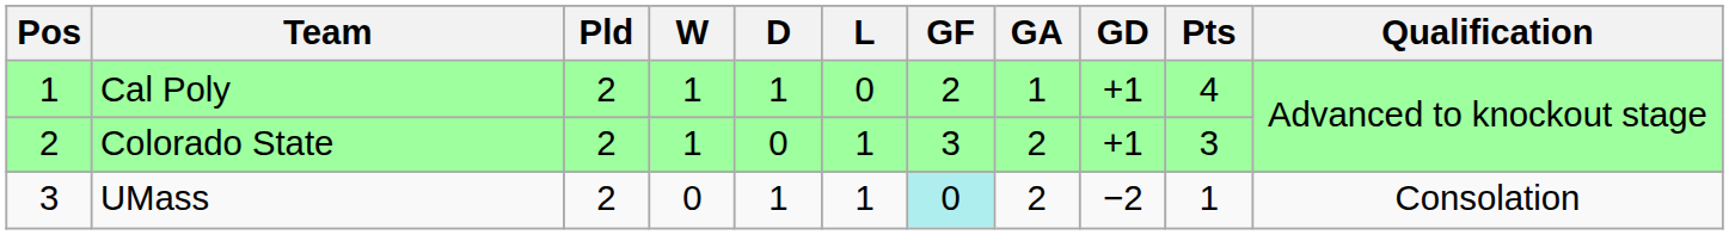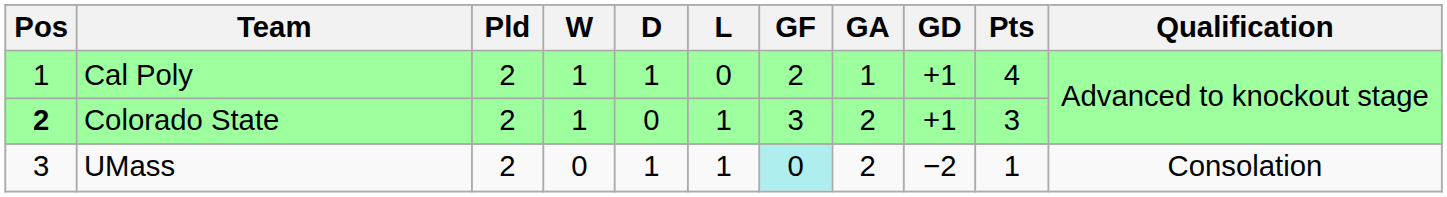 <table class="wikitable" style="text-align:center; margin: 1em auto">
 <tr>
 <th style="width:2em">Pos</th>
 <th style="width:13em">Team</th>
 <th style="width:2em">Pld</th>
 <th style="width:2em">W</th>
 <th style="width:2em">D</th>
 <th style="width:2em">L</th>
 <th style="width:2em">GF</th>
 <th style="width:2em">GA</th>
 <th style="width:2em">GD</th>
 <th style="width:2em">Pts</th>
 <th style="width:13em">Qualification</th>
 </tr>
 <tr bgcolor="#9eff9e">
 <td>1</td>
 <td style="text-align:left">Cal Poly</td>
 <td>2</td>
 <td>1</td>
 <td>1</td>
 <td>0</td>
 <td>2</td>
 <td>1</td>
 <td>+1</td>
 <td>4</td>
 <td rowspan="2">Advanced to knockout stage</td>
 </tr>
 <tr bgcolor="#9eff9e">
-<td>2</td>
+<td><strong>2</strong></td>
 <td style="text-align:left">Colorado State</td>
 <td>2</td>
 <td>1</td>
 <td>0</td>
 <td>1</td>
 <td>3</td>
 <td>2</td>
 <td>+1</td>
 <td>3</td>
 </tr>
 <tr>
 <td>3</td>
 <td style="text-align:left">UMass</td>
 <td>2</td>
 <td>0</td>
 <td>1</td>
 <td>1</td>
 <td style="background: paleturquoise;">0</td>
 <td>2</td>
 <td>−2</td>
 <td>1</td>
 <td>Consolation</td>
 </tr>
 </table>
